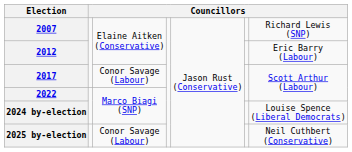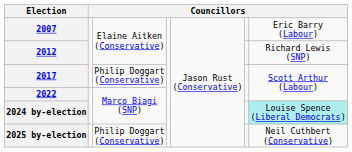 <table class="wikitable" style="text-align:center">
 <tr>
 <th>Election</th>
 <th colspan=8>Councillors</th>
 </tr>
 <tr>
 <th><a href='#'>2007</a></th>
 <td rowspan=3; style="background-color: "></td>
 <td rowspan=2>Elaine Aitken<br>(<a href='#'>Conservative</a>)</td>
 <td rowspan=6; style="background-color: "></td>
 <td rowspan=6>Jason Rust<br>(<a href='#'>Conservative</a>)</td>
 <td style="background-color: "></td>
-<td>Richard Lewis<br>(<a href='#'>SNP</a>)</td>
+<td>Eric Barry<br>(<a href='#'>Labour</a>)</td>
 </tr>
 <tr>
 <th><a href='#'>2012</a></th>
 <td style="background-color: "></td>
-<td>Eric Barry<br>(<a href='#'>Labour</a>)</td>
+<td>Richard Lewis<br>(<a href='#'>SNP</a>)</td>
 </tr>
 <tr>
 <th><a href='#'>2017</a></th>
-<td>Conor Savage<br>(<a href='#'>Labour</a>)</td>
+<td>Philip Doggart<br>(<a href='#'>Conservative</a>)</td>
 <td rowspan=2; style="background-color: "></td>
 <td rowspan=2><a href='#'>Scott Arthur</a><br>(<a href='#'>Labour</a>)</td>
 </tr>
 <tr>
 <th><a href='#'>2022</a></th>
 <td rowspan=2; style="background-color: "></td>
 <td rowspan=2><a href='#'>Marco Biagi</a><br>(<a href='#'>SNP</a>)</td>
 </tr>
 <tr>
 <th>2024 by-election</th>
 <td style="background-color: "></td>
-<td>Louise Spence<br>(<a href='#'>Liberal Democrats</a>)</td>
+<td style="background: paleturquoise;">Louise Spence<br>(<a href='#'>Liberal Democrats</a>)</td>
 </tr>
 <tr>
 <th>2025 by-election</th>
 <td style="background-color: "></td>
-<td>Conor Savage<br>(<a href='#'>Labour</a>)</td>
+<td>Philip Doggart<br>(<a href='#'>Conservative</a>)</td>
 <td style="background-color: "></td>
 <td>Neil Cuthbert<br>(<a href='#'>Conservative</a>)</td>
 </tr>
 </table>
